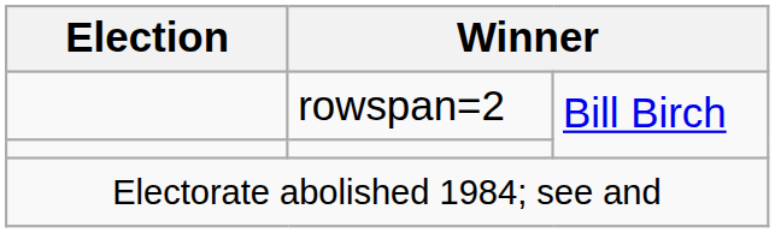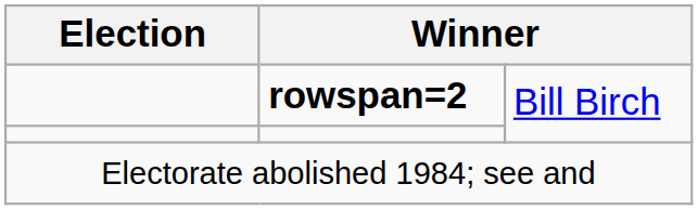 <table class=wikitable>
 <tr>
 <th width=100>Election</th>
 <th width=175 colspan=2>Winner</th>
 </tr>
 <tr>
 <td></td>
-<td>rowspan=2 </td>
+<td><strong>rowspan=2 </strong></td>
 <td rowspan=2><a href='#'>Bill Birch</a></td>
 </tr>
 <tr>
 <td></td>
 </tr>
 <tr>
 <td colspan=3 align=center><small>Electorate abolished 1984; see  and </small></td>
 </tr>
 </table>
